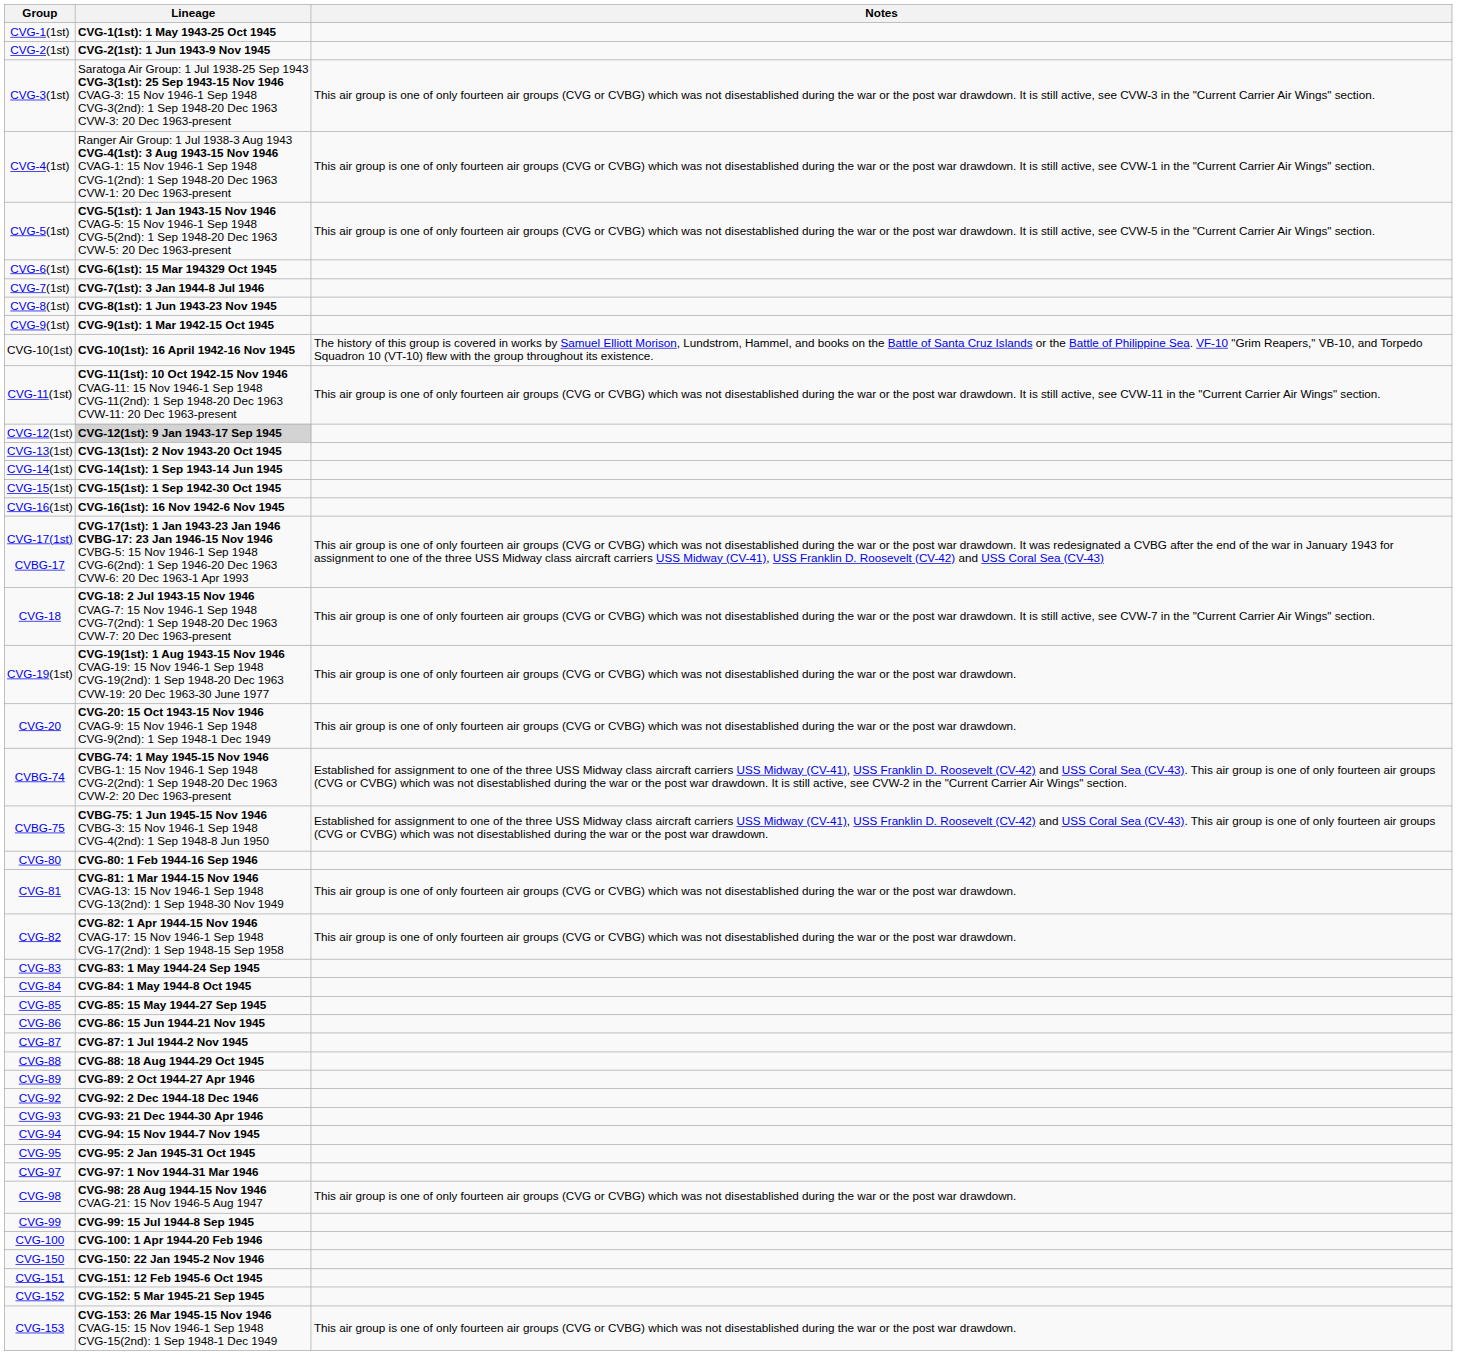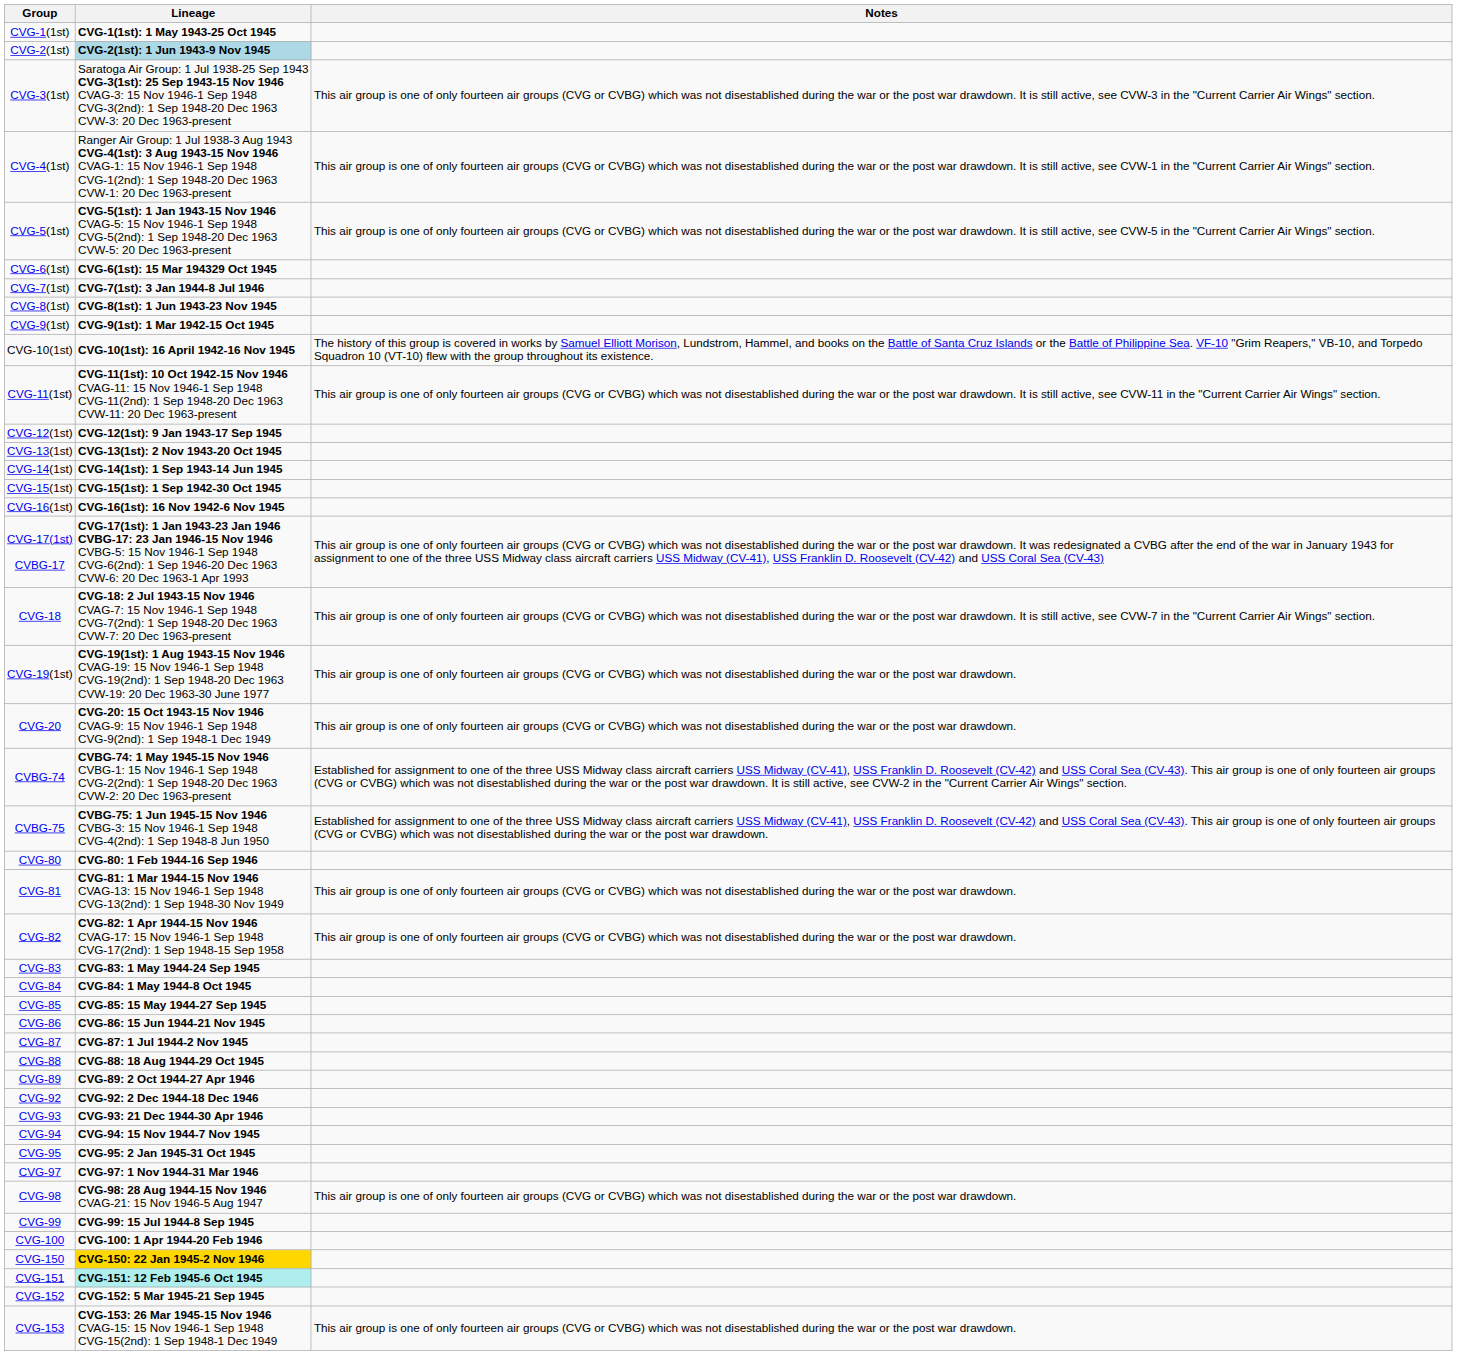 <table class="wikitable" width=100% style="text-align: left">
 <tr>
 <th colspan=1>Group</th>
 <th>Lineage</th>
 <th>Notes</th>
 </tr>
 <tr>
 <td align=center><a href='#'>CVG-1</a>(1st)</td>
 <td><strong>CVG-1(1st): 1 May 1943-25 Oct 1945</strong></td>
 <td></td>
 </tr>
 <tr>
 <td align=center><a href='#'>CVG-2</a>(1st)</td>
-<td><strong>CVG-2(1st): 1 Jun 1943-9 Nov 1945</strong></td>
+<td style="background: lightblue;"><strong>CVG-2(1st): 1 Jun 1943-9 Nov 1945</strong></td>
 <td></td>
 </tr>
 <tr>
 <td align=center><a href='#'>CVG-3</a>(1st)</td>
 <td style="white-space: nowrap;">Saratoga Air Group: 1 Jul 1938-25 Sep 1943<br><strong>CVG-3(1st): 25 Sep 1943-15 Nov 1946</strong><br>CVAG-3: 15 Nov 1946-1 Sep 1948<br>CVG-3(2nd): 1 Sep 1948-20 Dec 1963<br>CVW-3: 20 Dec 1963-present</td>
 <td>This air group is one of only fourteen air groups (CVG or CVBG) which was not disestablished during the war or the post war drawdown. It is still active, see CVW-3 in the "Current Carrier Air Wings" section.</td>
 </tr>
 <tr>
 <td align=center><a href='#'>CVG-4</a>(1st)</td>
 <td>Ranger Air Group: 1 Jul 1938-3 Aug 1943<br><strong>CVG-4(1st): 3 Aug 1943-15 Nov 1946</strong><br>CVAG-1: 15 Nov 1946-1 Sep 1948<br>CVG-1(2nd): 1 Sep 1948-20 Dec 1963<br>CVW-1: 20 Dec 1963-present</td>
 <td>This air group is one of only fourteen air groups (CVG or CVBG) which was not disestablished during the war or the post war drawdown. It is still active, see CVW-1 in the "Current Carrier Air Wings" section.</td>
 </tr>
 <tr>
 <td align=center><a href='#'>CVG-5</a>(1st)</td>
 <td><strong>CVG-5(1st): 1 Jan 1943-15 Nov 1946</strong><br>CVAG-5: 15 Nov 1946-1 Sep 1948<br>CVG-5(2nd): 1 Sep 1948-20 Dec 1963<br>CVW-5: 20 Dec 1963-present</td>
 <td>This air group is one of only fourteen air groups (CVG or CVBG) which was not disestablished during the war or the post war drawdown. It is still active, see CVW-5 in the "Current Carrier Air Wings" section.</td>
 </tr>
 <tr>
 <td align=center><a href='#'>CVG-6</a>(1st)</td>
 <td><strong>CVG-6(1st): 15 Mar 194329 Oct 1945</strong></td>
 <td></td>
 </tr>
 <tr>
 <td align=center><a href='#'>CVG-7</a>(1st)</td>
 <td><strong>CVG-7(1st): 3 Jan 1944-8 Jul 1946</strong></td>
 <td></td>
 </tr>
 <tr>
 <td align=center><a href='#'>CVG-8</a>(1st)</td>
 <td><strong>CVG-8(1st): 1 Jun 1943-23 Nov 1945</strong></td>
 <td></td>
 </tr>
 <tr>
 <td align=center><a href='#'>CVG-9</a>(1st)</td>
 <td><strong>CVG-9(1st): 1 Mar 1942-15 Oct 1945</strong></td>
 <td></td>
 </tr>
 <tr>
 <td align=center>CVG-10(1st)</td>
 <td><strong>CVG-10(1st): 16 April 1942-16 Nov 1945</strong></td>
 <td>The history of this group is covered in works by <a href='#'>Samuel Elliott Morison</a>, Lundstrom, Hammel, and books on the <a href='#'>Battle of Santa Cruz Islands</a> or the <a href='#'>Battle of Philippine Sea</a>. <a href='#'>VF-10</a> "Grim Reapers," VB-10, and Torpedo Squadron 10 (VT-10) flew with the group throughout its existence.</td>
 </tr>
 <tr>
 <td align=center><a href='#'>CVG-11</a>(1st)</td>
 <td><strong>CVG-11(1st): 10 Oct 1942-15 Nov 1946</strong><br>CVAG-11: 15 Nov 1946-1 Sep 1948<br>CVG-11(2nd): 1 Sep 1948-20 Dec 1963<br>CVW-11: 20 Dec 1963-present</td>
 <td>This air group is one of only fourteen air groups (CVG or CVBG) which was not disestablished during the war or the post war drawdown. It is still active, see CVW-11 in the "Current Carrier Air Wings" section.</td>
 </tr>
 <tr>
 <td align=center><a href='#'>CVG-12</a>(1st)</td>
-<td style="background: lightgrey;"><strong>CVG-12(1st): 9 Jan 1943-17 Sep 1945</strong></td>
+<td><strong>CVG-12(1st): 9 Jan 1943-17 Sep 1945</strong></td>
 <td></td>
 </tr>
 <tr>
 <td align=center><a href='#'>CVG-13</a>(1st)</td>
 <td><strong>CVG-13(1st): 2 Nov 1943-20 Oct 1945</strong></td>
 <td></td>
 </tr>
 <tr>
 <td align=center><a href='#'>CVG-14</a>(1st)</td>
 <td><strong>CVG-14(1st): 1 Sep 1943-14 Jun 1945</strong></td>
 <td></td>
 </tr>
 <tr>
 <td align=center><a href='#'>CVG-15</a>(1st)</td>
 <td><strong>CVG-15(1st): 1 Sep 1942-30 Oct 1945</strong></td>
 <td></td>
 </tr>
 <tr>
 <td align=center><a href='#'>CVG-16</a>(1st)</td>
 <td><strong>CVG-16(1st): 16 Nov 1942-6 Nov 1945</strong></td>
 <td></td>
 </tr>
 <tr>
 <td align=center style="white-space: nowrap;"><a href='#'>CVG-17(1st)<br><br>CVBG-17</a></td>
 <td><strong>CVG-17(1st): 1 Jan 1943-23 Jan 1946</strong><br><strong>CVBG-17: 23 Jan 1946-15 Nov 1946</strong><br>CVBG-5: 15 Nov 1946-1 Sep 1948<br>CVG-6(2nd): 1 Sep 1946-20 Dec 1963<br>CVW-6: 20 Dec 1963-1 Apr 1993</td>
 <td>This air group is one of only fourteen air groups (CVG or CVBG) which was not disestablished during the war or the post war drawdown. It was redesignated a CVBG after the end of the war in January 1943 for assignment to one of the three USS Midway class aircraft carriers <a href='#'>USS Midway (CV-41)</a>, <a href='#'>USS Franklin D. Roosevelt (CV-42)</a> and <a href='#'>USS Coral Sea (CV-43)</a></td>
 </tr>
 <tr>
 <td align=center><a href='#'>CVG-18</a></td>
 <td><strong>CVG-18: 2 Jul 1943-15 Nov 1946</strong><br>CVAG-7: 15 Nov 1946-1 Sep 1948<br>CVG-7(2nd): 1 Sep 1948-20 Dec 1963<br>CVW-7: 20 Dec 1963-present</td>
 <td>This air group is one of only fourteen air groups (CVG or CVBG) which was not disestablished during the war or the post war drawdown. It is still active, see CVW-7 in the "Current Carrier Air Wings" section.</td>
 </tr>
 <tr>
 <td align=center><a href='#'>CVG-19</a>(1st)</td>
 <td><strong>CVG-19(1st): 1 Aug 1943-15 Nov 1946</strong><br>CVAG-19: 15 Nov 1946-1 Sep 1948<br>CVG-19(2nd): 1 Sep 1948-20 Dec 1963<br>CVW-19: 20 Dec 1963-30 June 1977</td>
 <td>This air group is one of only fourteen air groups (CVG or CVBG) which was not disestablished during the war or the post war drawdown.</td>
 </tr>
 <tr>
 <td align=center><a href='#'>CVG-20</a></td>
 <td><strong>CVG-20: 15 Oct 1943-15 Nov 1946</strong><br>CVAG-9: 15 Nov 1946-1 Sep 1948<br>CVG-9(2nd): 1 Sep 1948-1 Dec 1949</td>
 <td>This air group is one of only fourteen air groups (CVG or CVBG) which was not disestablished during the war or the post war drawdown.</td>
 </tr>
 <tr>
 <td align=center><a href='#'>CVBG-74</a></td>
 <td><strong>CVBG-74: 1 May 1945-15 Nov 1946</strong><br>CVBG-1: 15 Nov 1946-1 Sep 1948<br>CVG-2(2nd): 1 Sep 1948-20 Dec 1963<br>CVW-2: 20 Dec 1963-present</td>
 <td>Established for assignment to one of the three USS Midway class aircraft carriers <a href='#'>USS Midway (CV-41)</a>, <a href='#'>USS Franklin D. Roosevelt (CV-42)</a> and <a href='#'>USS Coral Sea (CV-43)</a>. This air group is one of only fourteen air groups (CVG or CVBG) which was not disestablished during the war or the post war drawdown. It is still active, see CVW-2 in the "Current Carrier Air Wings" section.</td>
 </tr>
 <tr>
 <td align=center><a href='#'>CVBG-75</a></td>
 <td><strong>CVBG-75: 1 Jun 1945-15 Nov 1946</strong><br>CVBG-3: 15 Nov 1946-1 Sep 1948<br>CVG-4(2nd): 1 Sep 1948-8 Jun 1950</td>
 <td>Established for assignment to one of the three USS Midway class aircraft carriers <a href='#'>USS Midway (CV-41)</a>, <a href='#'>USS Franklin D. Roosevelt (CV-42)</a> and <a href='#'>USS Coral Sea (CV-43)</a>. This air group is one of only fourteen air groups (CVG or CVBG) which was not disestablished during the war or the post war drawdown.</td>
 </tr>
 <tr>
 <td align=center><a href='#'>CVG-80</a></td>
 <td><strong>CVG-80: 1 Feb 1944-16 Sep 1946</strong></td>
 <td></td>
 </tr>
 <tr>
 <td align=center><a href='#'>CVG-81</a></td>
 <td><strong>CVG-81: 1 Mar 1944-15 Nov 1946</strong><br>CVAG-13: 15 Nov 1946-1 Sep 1948<br>CVG-13(2nd): 1 Sep 1948-30 Nov 1949</td>
 <td>This air group is one of only fourteen air groups (CVG or CVBG) which was not disestablished during the war or the post war drawdown.</td>
 </tr>
 <tr>
 <td align=center><a href='#'>CVG-82</a></td>
 <td><strong>CVG-82: 1 Apr 1944-15 Nov 1946</strong><br>CVAG-17: 15 Nov 1946-1 Sep 1948<br>CVG-17(2nd): 1 Sep 1948-15 Sep 1958</td>
 <td>This air group is one of only fourteen air groups (CVG or CVBG) which was not disestablished during the war or the post war drawdown.</td>
 </tr>
 <tr>
 <td align=center><a href='#'>CVG-83</a></td>
 <td><strong>CVG-83: 1 May 1944-24 Sep 1945</strong></td>
 <td></td>
 </tr>
 <tr>
 <td align=center><a href='#'>CVG-84</a></td>
 <td><strong>CVG-84: 1 May 1944-8 Oct 1945</strong></td>
 <td></td>
 </tr>
 <tr>
 <td align=center><a href='#'>CVG-85</a></td>
 <td><strong>CVG-85: 15 May 1944-27 Sep 1945</strong></td>
 <td></td>
 </tr>
 <tr>
 <td align=center><a href='#'>CVG-86</a></td>
 <td><strong>CVG-86: 15 Jun 1944-21 Nov 1945</strong></td>
 <td></td>
 </tr>
 <tr>
 <td align=center><a href='#'>CVG-87</a></td>
 <td><strong>CVG-87: 1 Jul 1944-2 Nov 1945</strong></td>
 <td></td>
 </tr>
 <tr>
 <td align=center><a href='#'>CVG-88</a></td>
 <td><strong>CVG-88: 18 Aug 1944-29 Oct 1945</strong></td>
 <td></td>
 </tr>
 <tr>
 <td align=center><a href='#'>CVG-89</a></td>
 <td><strong>CVG-89: 2 Oct 1944-27 Apr 1946</strong></td>
 <td></td>
 </tr>
 <tr>
 <td align=center><a href='#'>CVG-92</a></td>
 <td><strong>CVG-92: 2 Dec 1944-18 Dec 1946</strong></td>
 <td></td>
 </tr>
 <tr>
 <td align=center><a href='#'>CVG-93</a></td>
 <td><strong>CVG-93: 21 Dec 1944-30 Apr 1946</strong></td>
 <td></td>
 </tr>
 <tr>
 <td align=center><a href='#'>CVG-94</a></td>
 <td><strong>CVG-94: 15 Nov 1944-7 Nov 1945</strong></td>
 <td></td>
 </tr>
 <tr>
 <td align=center><a href='#'>CVG-95</a></td>
 <td><strong>CVG-95: 2 Jan 1945-31 Oct 1945</strong></td>
 <td></td>
 </tr>
 <tr>
 <td align=center><a href='#'>CVG-97</a></td>
 <td><strong>CVG-97: 1 Nov 1944-31 Mar 1946</strong></td>
 <td></td>
 </tr>
 <tr>
 <td align=center><a href='#'>CVG-98</a></td>
 <td><strong>CVG-98: 28 Aug 1944-15 Nov 1946</strong><br>CVAG-21: 15 Nov 1946-5 Aug 1947</td>
 <td>This air group is one of only fourteen air groups (CVG or CVBG) which was not disestablished during the war or the post war drawdown.</td>
 </tr>
 <tr>
 <td align=center><a href='#'>CVG-99</a></td>
 <td><strong>CVG-99: 15 Jul 1944-8 Sep 1945</strong></td>
 <td></td>
 </tr>
 <tr>
 <td align=center><a href='#'>CVG-100</a></td>
 <td><strong>CVG-100: 1 Apr 1944-20 Feb 1946</strong></td>
 <td></td>
 </tr>
 <tr>
 <td align=center><a href='#'>CVG-150</a></td>
-<td><strong>CVG-150: 22 Jan 1945-2 Nov 1946</strong></td>
+<td style="background: gold;"><strong>CVG-150: 22 Jan 1945-2 Nov 1946</strong></td>
 <td></td>
 </tr>
 <tr>
 <td align=center><a href='#'>CVG-151</a></td>
-<td><strong>CVG-151: 12 Feb 1945-6 Oct 1945</strong></td>
+<td style="background: paleturquoise;"><strong>CVG-151: 12 Feb 1945-6 Oct 1945</strong></td>
 <td></td>
 </tr>
 <tr>
 <td align=center><a href='#'>CVG-152</a></td>
 <td><strong>CVG-152: 5 Mar 1945-21 Sep 1945</strong></td>
 <td></td>
 </tr>
 <tr>
 <td align=center><a href='#'>CVG-153</a></td>
 <td><strong>CVG-153: 26 Mar 1945-15 Nov 1946</strong><br>CVAG-15: 15 Nov 1946-1 Sep 1948<br>CVG-15(2nd): 1 Sep 1948-1 Dec 1949</td>
 <td>This air group is one of only fourteen air groups (CVG or CVBG) which was not disestablished during the war or the post war drawdown.</td>
 </tr>
 </table>
